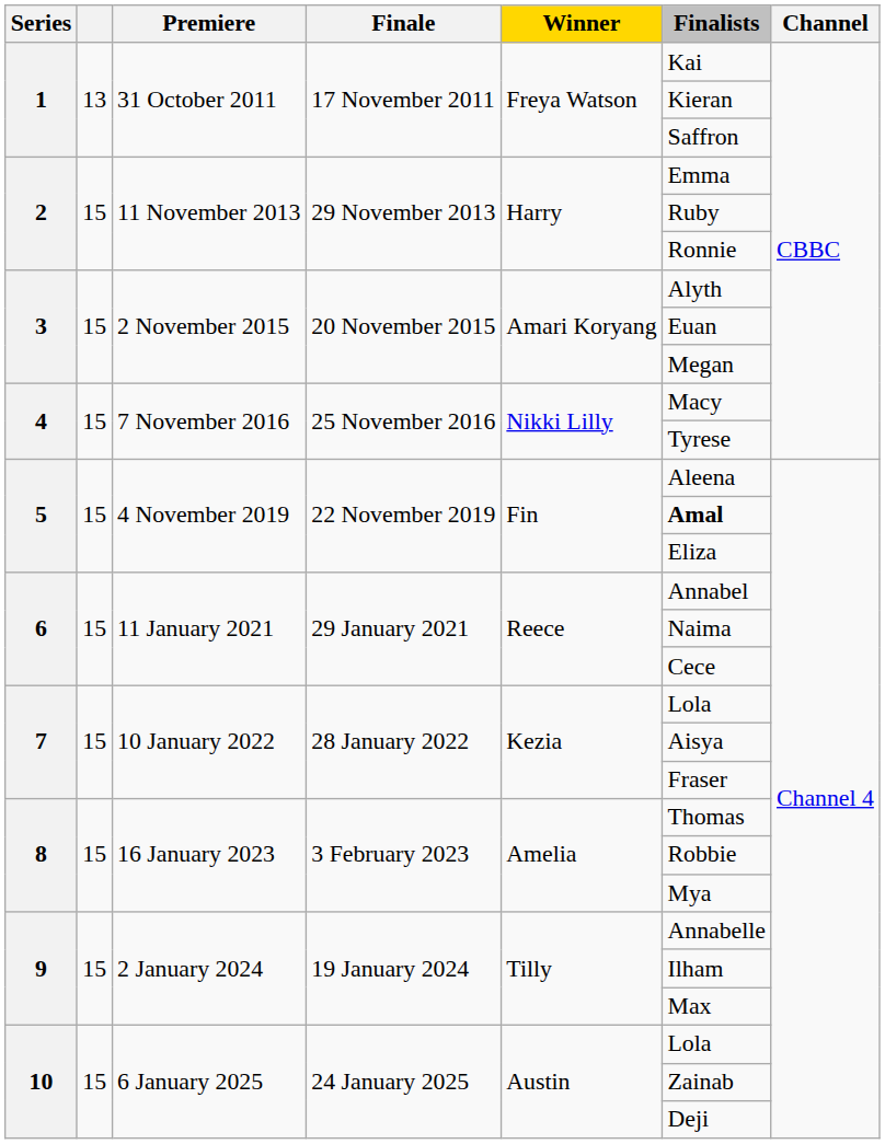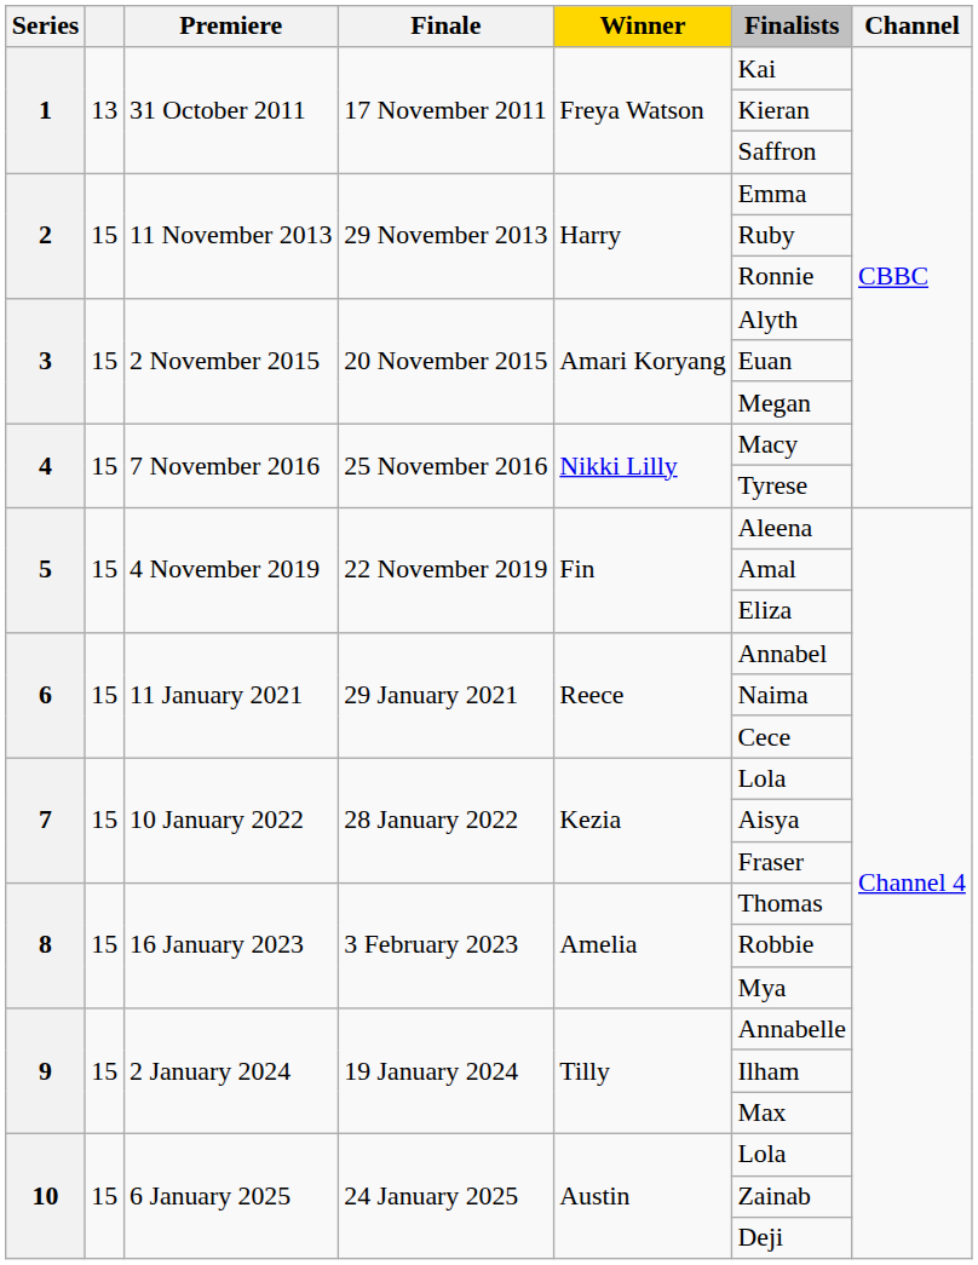 <table class="wikitable col2center col7center">
 <tr>
 <th scope="col">Series</th>
 <th scope="col"></th>
 <th scope="col">Premiere</th>
 <th scope="col">Finale</th>
 <th scope="col" style="background:gold;">Winner</th>
 <th scope="col" style="background:silver;">Finalists</th>
 <th scope="col">Channel</th>
 </tr>
 <tr>
 <th scope="rowgroup" rowspan="3">1</th>
 <td rowspan="3">13</td>
 <td rowspan="3">31 October 2011</td>
 <td rowspan="3">17 November 2011</td>
 <td rowspan="3">Freya Watson</td>
 <td>Kai</td>
 <td rowspan="11"><a href='#'>CBBC</a></td>
 </tr>
 <tr>
 <td style="text-align:left;">Kieran</td>
 </tr>
 <tr>
 <td style="text-align:left;">Saffron</td>
 </tr>
 <tr>
 <th scope="rowgroup" rowspan="3">2</th>
 <td rowspan="3">15</td>
 <td rowspan="3">11 November 2013</td>
 <td rowspan="3">29 November 2013</td>
 <td rowspan="3">Harry</td>
 <td>Emma</td>
 </tr>
 <tr>
 <td>Ruby</td>
 </tr>
 <tr>
 <td>Ronnie</td>
 </tr>
 <tr>
 <th scope="rowgroup" rowspan="3">3</th>
 <td rowspan="3">15</td>
 <td rowspan="3">2 November 2015</td>
 <td rowspan="3">20 November 2015</td>
 <td rowspan="3">Amari Koryang</td>
 <td>Alyth</td>
 </tr>
 <tr>
 <td>Euan</td>
 </tr>
 <tr>
 <td>Megan</td>
 </tr>
 <tr>
 <th scope="rowgroup" rowspan="2">4</th>
 <td rowspan="2">15</td>
 <td rowspan="2">7 November 2016</td>
 <td rowspan="2">25 November 2016</td>
 <td rowspan="2"><a href='#'>Nikki Lilly</a></td>
 <td>Macy</td>
 </tr>
 <tr>
 <td>Tyrese</td>
 </tr>
 <tr>
 <th scope="row" rowspan="3">5</th>
 <td rowspan="3">15</td>
 <td rowspan="3">4 November 2019</td>
 <td rowspan="3">22 November 2019</td>
 <td rowspan="3">Fin</td>
 <td style="text-align:left;">Aleena</td>
 <td rowspan="21"><a href='#'>Channel 4</a></td>
 </tr>
 <tr>
-<td><strong>Amal</strong></td>
+<td>Amal</td>
 </tr>
 <tr>
 <td>Eliza</td>
 </tr>
 <tr>
 <th scope="rowgroup" rowspan="3">6</th>
 <td rowspan="3">15</td>
 <td rowspan="3">11 January 2021</td>
 <td rowspan="3">29 January 2021</td>
 <td rowspan="3">Reece</td>
 <td>Annabel</td>
 </tr>
 <tr>
 <td>Naima</td>
 </tr>
 <tr>
 <td>Cece</td>
 </tr>
 <tr>
 <th scope="rowgroup" rowspan="3">7</th>
 <td rowspan="3">15</td>
 <td rowspan="3">10 January 2022</td>
 <td rowspan="3">28 January 2022</td>
 <td rowspan="3">Kezia</td>
 <td>Lola</td>
 </tr>
 <tr>
 <td>Aisya</td>
 </tr>
 <tr>
 <td>Fraser</td>
 </tr>
 <tr>
 <th scope"rowgroup" rowspan="3">8</th>
 <td rowspan="3">15</td>
 <td rowspan="3">16 January 2023</td>
 <td rowspan="3">3 February 2023</td>
 <td rowspan="3">Amelia</td>
 <td>Thomas</td>
 </tr>
 <tr>
 <td>Robbie</td>
 </tr>
 <tr>
 <td>Mya</td>
 </tr>
 <tr>
 <th scope"row" rowspan="3">9</th>
 <td rowspan="3">15</td>
 <td rowspan="3">2 January 2024</td>
 <td rowspan="3">19 January 2024</td>
 <td rowspan="3">Tilly</td>
 <td>Annabelle</td>
 </tr>
 <tr>
 <td>Ilham</td>
 </tr>
 <tr>
 <td>Max</td>
 </tr>
 <tr>
 <th scope"row" rowspan="3">10</th>
 <td rowspan="3">15</td>
 <td rowspan="3">6 January 2025</td>
 <td rowspan="3">24 January 2025</td>
 <td rowspan="3">Austin</td>
 <td>Lola</td>
 </tr>
 <tr>
 <td>Zainab</td>
 </tr>
 <tr>
 <td>Deji</td>
 </tr>
 </table>
